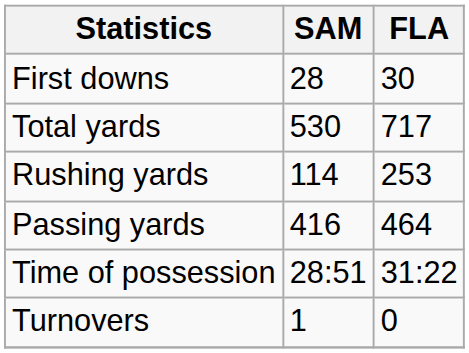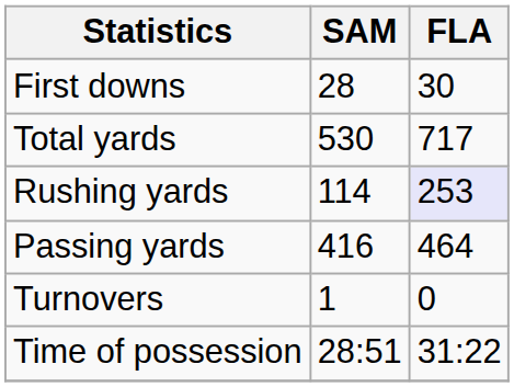 <table class="wikitable" style="float: left;">
 <tr>
 <th>Statistics</th>
 <th>SAM</th>
 <th>FLA</th>
 </tr>
 <tr>
 <td>First downs</td>
 <td>28</td>
 <td>30</td>
 </tr>
 <tr>
 <td>Total yards</td>
 <td>530</td>
 <td>717</td>
 </tr>
 <tr>
 <td>Rushing yards</td>
 <td>114</td>
-<td>253</td>
+<td style="background: lavender;">253</td>
 </tr>
 <tr>
 <td>Passing yards</td>
 <td>416</td>
 <td>464</td>
 </tr>
 <tr>
+<td>Turnovers</td>
+<td>1</td>
+<td>0</td>
+</tr>
+<tr>
 <td>Time of possession</td>
 <td>28:51</td>
 <td>31:22</td>
 </tr>
 <tr>
-<td>Turnovers</td>
-<td>1</td>
-<td>0</td>
-</tr>
-<tr>
 </tr>
 </table>
